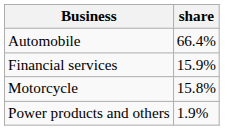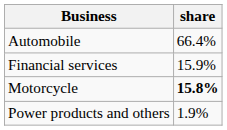 <table class="wikitable floatright">
 <tr>
 <th>Business</th>
 <th>share</th>
 </tr>
 <tr>
 <td>Automobile</td>
 <td>66.4%</td>
 </tr>
 <tr>
 <td>Financial services</td>
 <td>15.9%</td>
 </tr>
 <tr>
 <td>Motorcycle</td>
-<td>15.8%</td>
+<td><strong>15.8%</strong></td>
 </tr>
 <tr>
 <td>Power products and others</td>
 <td>1.9%</td>
 </tr>
 </table>
